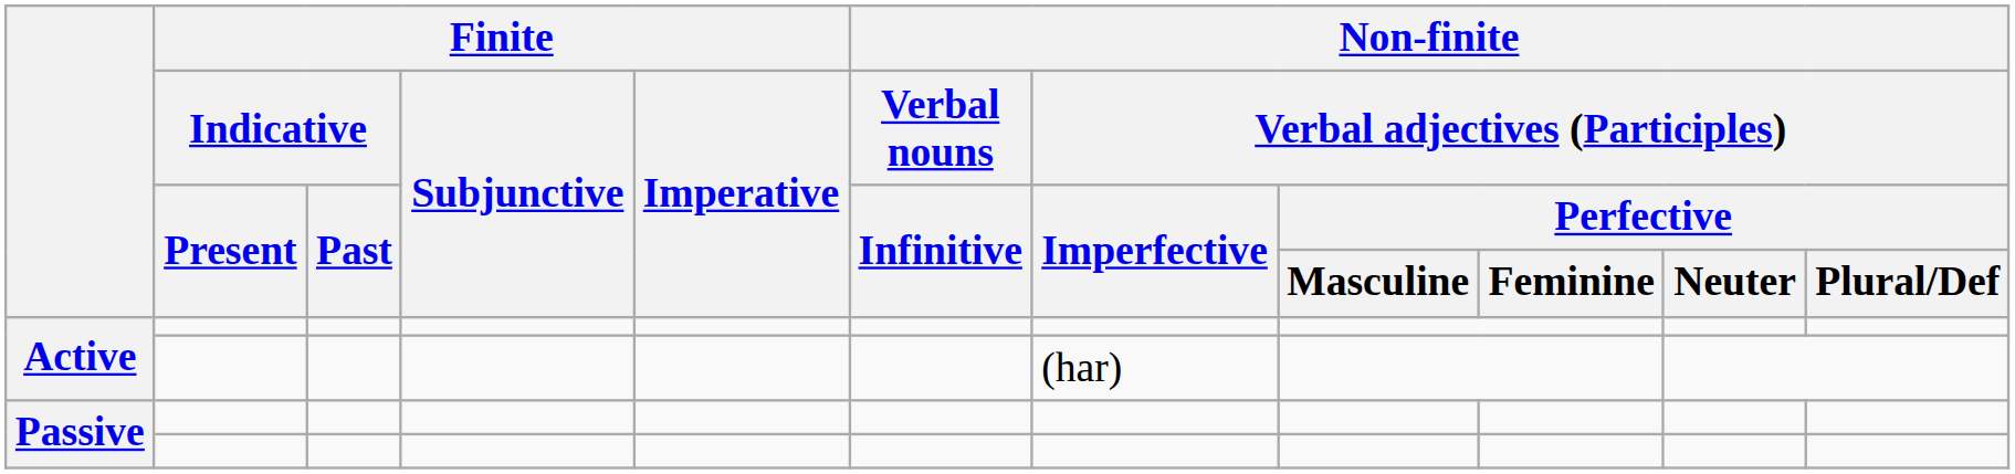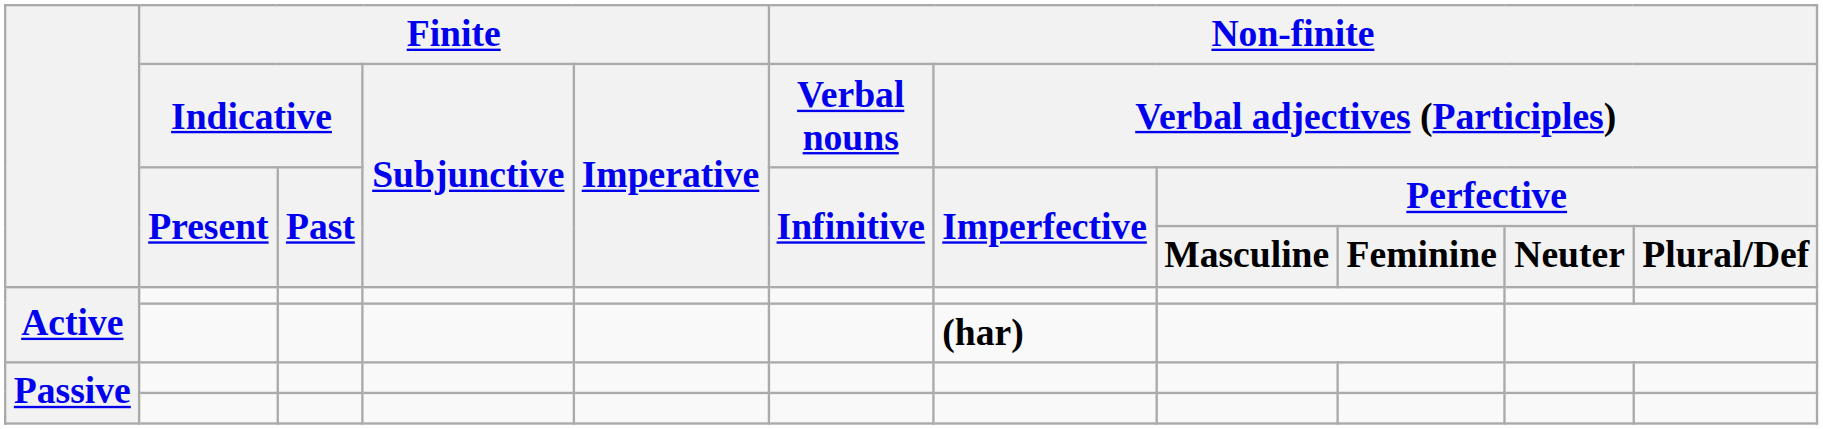 <table class="wikitable">
 <tr>
 <th rowspan="4"></th>
 <th colspan="4"><a href='#'>Finite</a></th>
 <th colspan="6"><a href='#'>Non-finite</a></th>
 </tr>
 <tr>
 <th colspan="2"><a href='#'>Indicative</a></th>
 <th rowspan="3"><a href='#'>Subjunctive</a></th>
 <th rowspan="3"><a href='#'>Imperative</a></th>
 <th><a href='#'>Verbal nouns</a></th>
 <th colspan="5"><a href='#'>Verbal adjectives</a> (<a href='#'>Participles</a>)</th>
 </tr>
 <tr>
 <th rowspan="2"><a href='#'>Present</a></th>
 <th rowspan="2"><a href='#'>Past</a></th>
 <th rowspan="2"><a href='#'>Infinitive</a></th>
 <th rowspan="2"><a href='#'>Imperfective</a></th>
 <th colspan="4"><a href='#'>Perfective</a></th>
 </tr>
 <tr>
 <th>Masculine</th>
 <th>Feminine</th>
 <th>Neuter</th>
 <th>Plural/Def</th>
 </tr>
 <tr>
 <th rowspan="2"><a href='#'>Active</a></th>
 <td></td>
 <td></td>
 <td></td>
 <td></td>
 <td></td>
 <td></td>
 <td colspan="2"></td>
 <td></td>
 <td></td>
 </tr>
 <tr>
 <td></td>
 <td></td>
 <td></td>
 <td></td>
 <td></td>
-<td>(har) </td>
+<td><strong>(har) </strong></td>
 <td colspan="2"></td>
 <td colspan="2"></td>
 </tr>
 <tr>
 <th rowspan="2"><a href='#'>Passive</a></th>
 <td></td>
 <td></td>
 <td></td>
 <td></td>
 <td></td>
 <td></td>
 <td></td>
 <td></td>
 <td></td>
 <td></td>
 </tr>
 <tr>
 <td></td>
 <td></td>
 <td></td>
 <td></td>
 <td></td>
 <td></td>
 <td></td>
 <td></td>
 <td></td>
 <td></td>
 </tr>
 </table>
